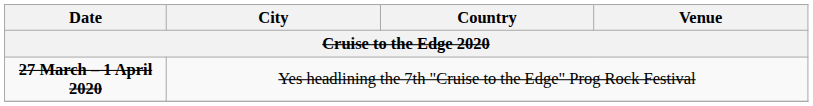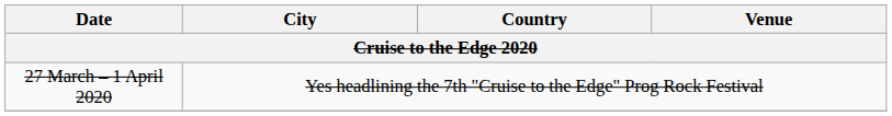 <table class="wikitable" style="text-align:center;">
 <tr>
 <th style="width:150px;">Date</th>
 <th style="width:200px;">City</th>
 <th style="width:200px;">Country</th>
 <th style="width:200px;">Venue</th>
 </tr>
 <tr>
 <th colspan="4"><s>Cruise to the Edge 2020</s></th>
 </tr>
 <tr>
-<td><strong><s>27 March – 1 April 2020</s></strong></td>
+<td><s>27 March – 1 April 2020</s></td>
 <td colspan="4"><s>Yes headlining the 7th "Cruise to the Edge" Prog Rock Festival</s></td>
 </tr>
 <tr>
 </tr>
 </table>
